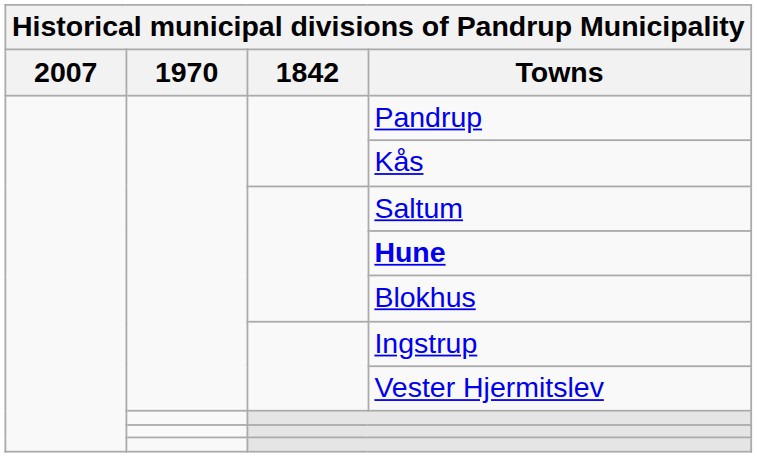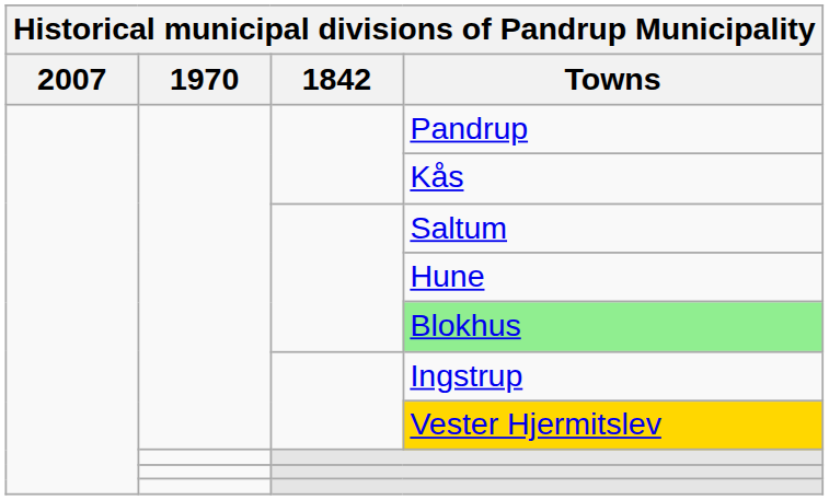 <table class="wikitable" style="margin-left:1em;" style="text-align: center">
 <tr>
 <th colspan="99">Historical municipal divisions of Pandrup Municipality</th>
 </tr>
 <tr>
 <th>2007</th>
 <th>1970</th>
 <th>1842</th>
 <th>Towns</th>
 </tr>
 <tr>
 <td rowspan="99"></td>
 <td rowspan="7"></td>
 <td colspan="1" rowspan="2"></td>
 <td><a href='#'>Pandrup</a></td>
 </tr>
 <tr>
 <td><a href='#'>Kås</a></td>
 </tr>
 <tr>
 <td colspan="1" rowspan="3"></td>
 <td><a href='#'>Saltum</a></td>
 </tr>
 <tr>
-<td><strong><a href='#'>Hune</a></strong></td>
+<td><a href='#'>Hune</a></td>
 </tr>
 <tr>
-<td><a href='#'>Blokhus</a></td>
+<td style="background: lightgreen;"><a href='#'>Blokhus</a></td>
 </tr>
 <tr>
 <td colspan="1" rowspan="2"></td>
 <td><a href='#'>Ingstrup</a></td>
 </tr>
 <tr>
-<td><a href='#'>Vester Hjermitslev</a></td>
+<td style="background: gold;"><a href='#'>Vester Hjermitslev</a></td>
 </tr>
 <tr>
 <td></td>
 <td colspan="4" style="background:#E5E5E5;"></td>
 </tr>
 <tr>
 <td></td>
 <td colspan="4" style="background:#E5E5E5;"></td>
 </tr>
 <tr>
 <td></td>
 <td colspan="4" style="background:#E5E5E5;"></td>
 </tr>
 </table>
